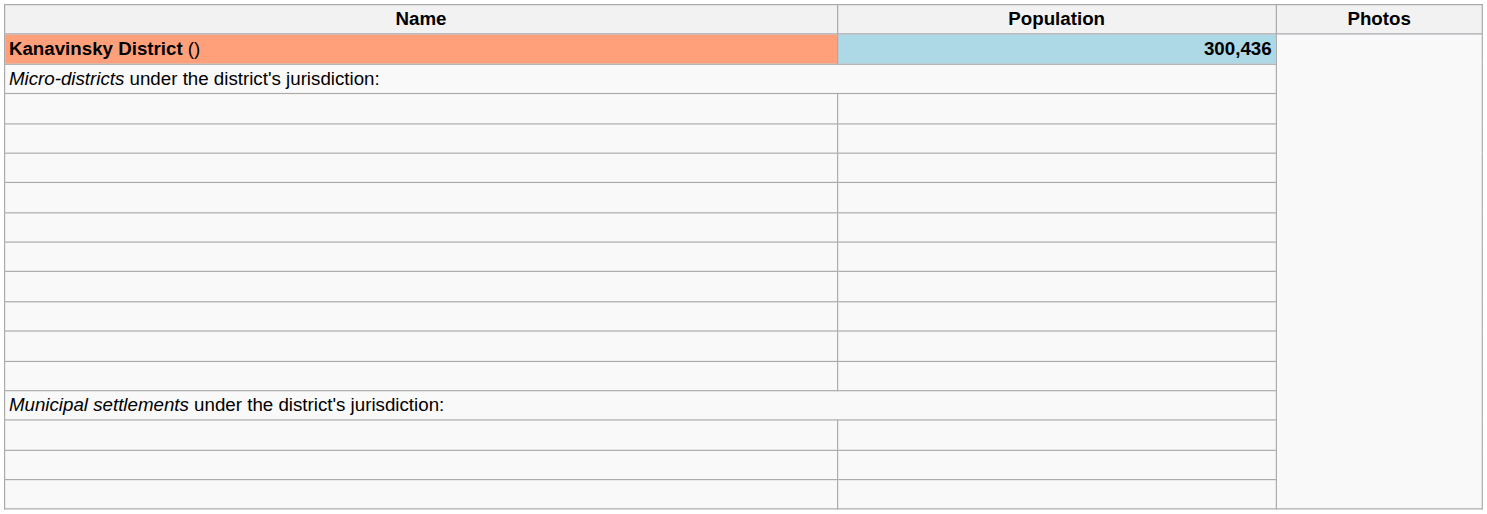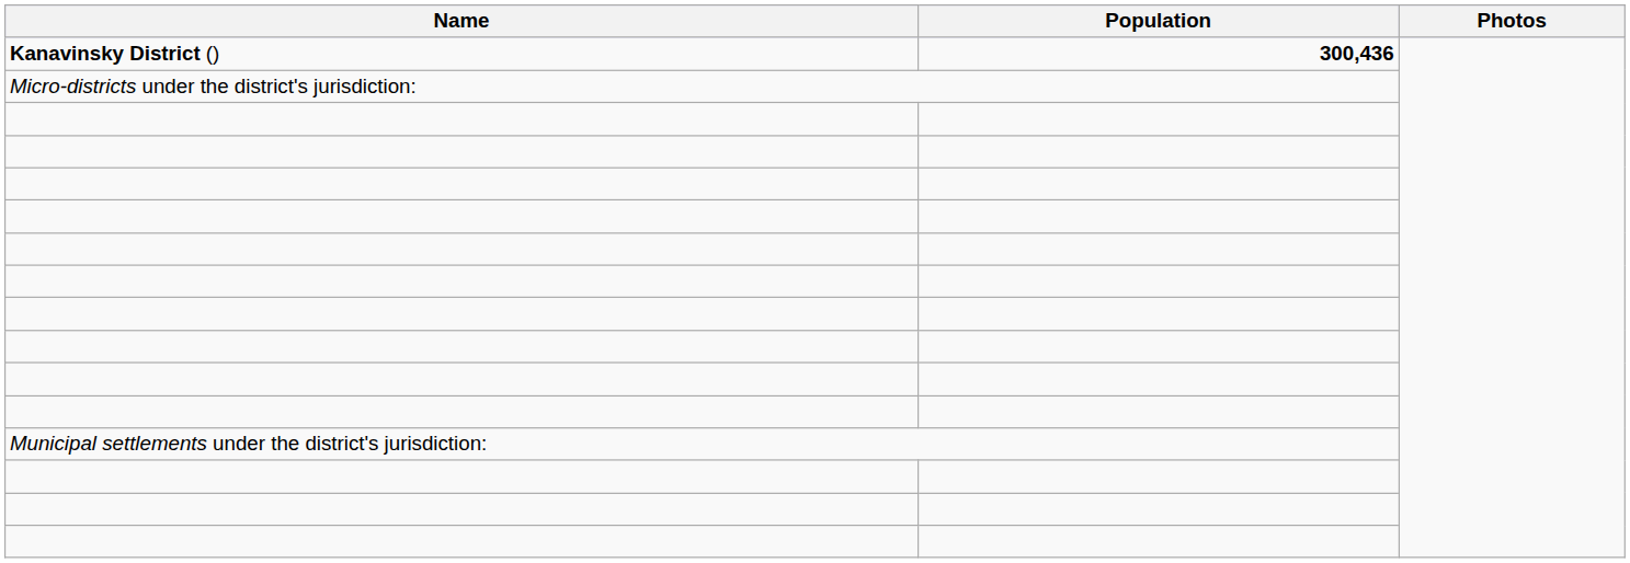 <table width=100% class="wikitable">
 <tr bgcolor="#CCCCFF" align="left">
 <th>Name</th>
 <th>Population</th>
 <th>Photos</th>
 </tr>
 <tr valign="top">
-<td style="background: lightsalmon;"><strong>Kanavinsky District</strong> ()</td>
-<td align="right" style="background: lightblue;"><strong>300,436</strong></td>
+<td><strong>Kanavinsky District</strong> ()</td>
+<td align="right"><strong>300,436</strong></td>
 <td rowspan=16></td>
 </tr>
 <tr valign="top">
 <td colspan=2><em>Micro-districts</em> under the district's jurisdiction:</td>
 </tr>
 <tr>
 <td><br></td>
 <td align="right"></td>
 </tr>
 <tr>
 <td><br></td>
 <td align="right"></td>
 </tr>
 <tr>
 <td><br></td>
 <td align="right"></td>
 </tr>
 <tr>
 <td><br></td>
 <td align="right"></td>
 </tr>
 <tr>
 <td><br></td>
 <td align="right"></td>
 </tr>
 <tr>
 <td><br></td>
 <td align="right"></td>
 </tr>
 <tr>
 <td><br></td>
 <td align="right"></td>
 </tr>
 <tr>
 <td><br></td>
 <td align="right"></td>
 </tr>
 <tr>
 <td><br></td>
 <td align="right"></td>
 </tr>
 <tr>
 <td><br></td>
 <td align="right"></td>
 </tr>
 <tr valign="top">
 <td colspan=2><em>Municipal settlements</em> under the district's jurisdiction:</td>
 </tr>
 <tr>
 <td><br></td>
 <td align="right"></td>
 </tr>
 <tr>
 <td><br></td>
 <td align="right"></td>
 </tr>
 <tr>
 <td><br></td>
 <td align="right"></td>
 </tr>
 </table>
